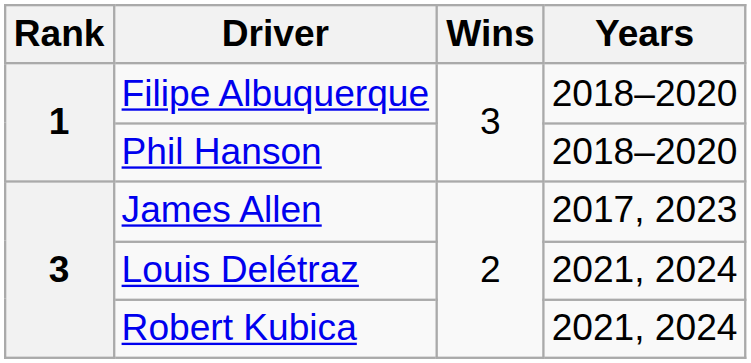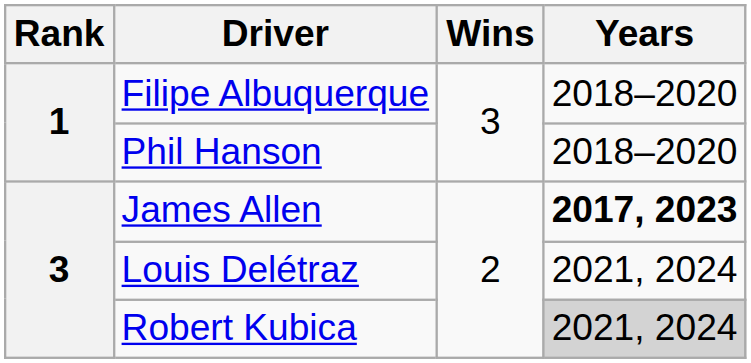 <table class="wikitable">
 <tr>
 <th>Rank</th>
 <th>Driver</th>
 <th>Wins</th>
 <th>Years</th>
 </tr>
 <tr>
 <th rowspan="2">1</th>
 <td> <a href='#'>Filipe Albuquerque</a></td>
 <td rowspan="2" align="center">3</td>
 <td>2018–2020</td>
 </tr>
 <tr>
 <td> <a href='#'>Phil Hanson</a></td>
 <td>2018–2020</td>
 </tr>
 <tr>
 <th rowspan="3">3</th>
 <td> <a href='#'>James Allen</a></td>
 <td rowspan="3" align="center">2</td>
-<td>2017, 2023</td>
+<td><strong>2017, 2023</strong></td>
 </tr>
 <tr>
 <td> <a href='#'>Louis Delétraz</a></td>
 <td>2021, 2024</td>
 </tr>
 <tr>
 <td> <a href='#'>Robert Kubica</a></td>
-<td>2021, 2024</td>
+<td style="background: lightgrey;">2021, 2024</td>
 </tr>
 </table>
